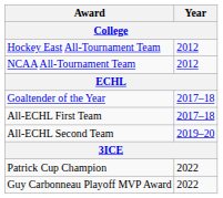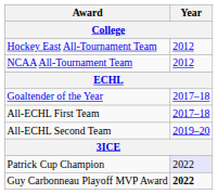 <table class="wikitable">
 <tr>
 <th>Award</th>
 <th>Year</th>
 </tr>
 <tr>
 <th colspan="3"><a href='#'>College</a></th>
 </tr>
 <tr>
 <td><a href='#'>Hockey East</a> <a href='#'>All-Tournament Team</a></td>
 <td><a href='#'>2012</a></td>
 </tr>
 <tr>
 <td><a href='#'>NCAA</a> <a href='#'>All-Tournament Team</a></td>
 <td><a href='#'>2012</a></td>
 </tr>
 <tr>
 <th colspan="3"><a href='#'>ECHL</a></th>
 </tr>
 <tr>
 <td><a href='#'>Goaltender of the Year</a></td>
 <td><a href='#'>2017–18</a></td>
 </tr>
 <tr>
 <td>All-ECHL First Team</td>
 <td><a href='#'>2017–18</a></td>
 </tr>
 <tr>
 <td>All-ECHL Second Team</td>
 <td><a href='#'>2019–20</a></td>
 </tr>
 <tr>
 <th colspan="3"><a href='#'>3ICE</a></th>
 </tr>
 <tr>
 <td>Patrick Cup Champion</td>
-<td>2022</td>
+<td style="background: lavender;">2022</td>
 </tr>
 <tr>
 <td>Guy Carbonneau Playoff MVP Award</td>
-<td>2022</td>
+<td><strong>2022</strong></td>
 </tr>
 </table>
